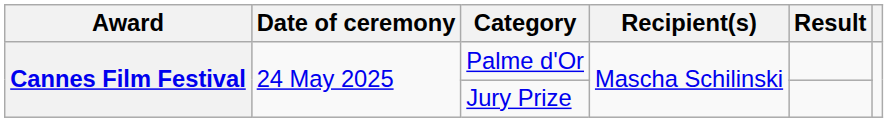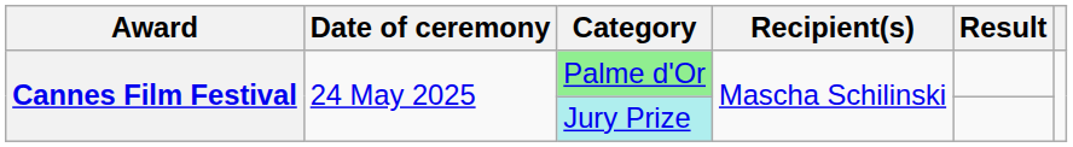 <table class="wikitable sortable plainrowheaders">
 <tr>
 <th scope="col">Award</th>
 <th scope="col">Date of ceremony</th>
 <th scope="col">Category</th>
 <th scope="col">Recipient(s)</th>
 <th scope="col">Result</th>
 <th scope="col" class="unsortable"></th>
 </tr>
 <tr>
 <th rowspan="2" scope="row"><a href='#'>Cannes Film Festival</a></th>
 <td rowspan="2"><a href='#'>24 May 2025</a></td>
-<td><a href='#'>Palme d'Or</a></td>
+<td style="background: lightgreen;"><a href='#'>Palme d'Or</a></td>
 <td rowspan="2"><a href='#'>Mascha Schilinski</a></td>
 <td></td>
 <td rowspan="2" align="center"></td>
 </tr>
 <tr>
-<td><a href='#'>Jury Prize</a></td>
+<td style="background: paleturquoise;"><a href='#'>Jury Prize</a></td>
 <td></td>
 </tr>
 </table>
